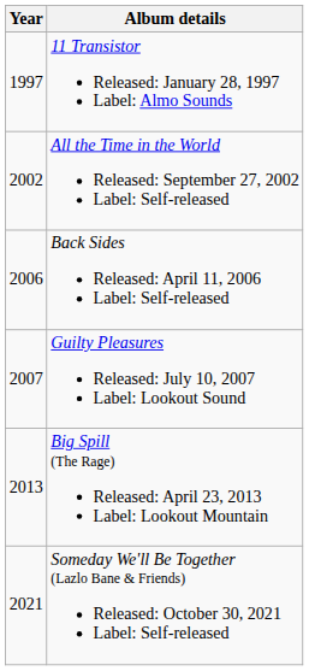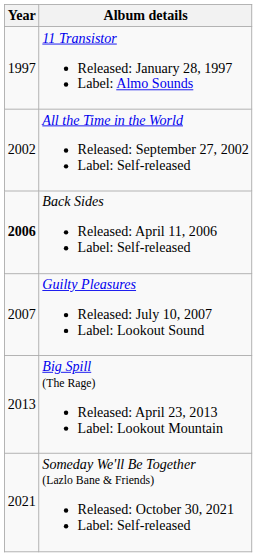 <table class="wikitable">
 <tr>
 <th>Year</th>
 <th>Album details</th>
 </tr>
 <tr>
 <td>1997</td>
 <td><em><a href='#'>11 Transistor</a></em><br><ul><li>Released: January 28, 1997</li><li>Label: <a href='#'>Almo Sounds</a></li></ul></td>
 </tr>
 <tr>
 <td>2002</td>
 <td><em><a href='#'>All the Time in the World</a></em><br><ul><li>Released: September 27, 2002</li><li>Label: Self-released</li></ul></td>
 </tr>
 <tr>
-<td>2006</td>
+<td><strong>2006</strong></td>
 <td><em>Back Sides</em><br><ul><li>Released: April 11, 2006</li><li>Label: Self-released</li></ul></td>
 </tr>
 <tr>
 <td>2007</td>
 <td><em><a href='#'>Guilty Pleasures</a></em><br><ul><li>Released: July 10, 2007</li><li>Label: Lookout Sound</li></ul></td>
 </tr>
 <tr>
 <td>2013</td>
 <td><em><a href='#'>Big Spill</a></em> <br><small>(The Rage)</small><br><ul><li>Released: April 23, 2013</li><li>Label: Lookout Mountain</li></ul></td>
 </tr>
 <tr>
 <td>2021</td>
 <td><em>Someday We'll Be Together</em> <br><small>(Lazlo Bane & Friends)</small><br><ul><li>Released: October 30, 2021</li><li>Label: Self-released</li></ul></td>
 </tr>
 </table>
